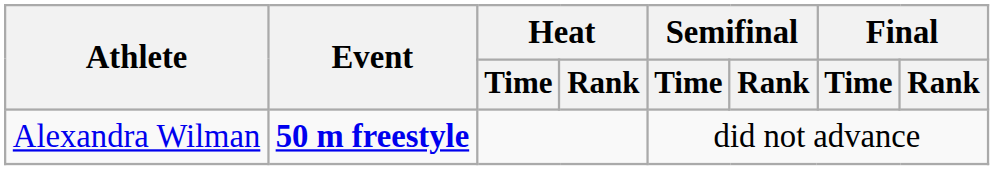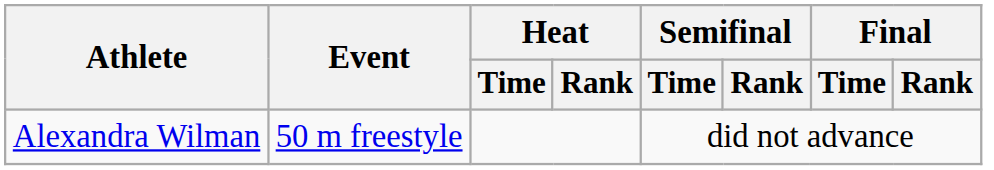 <table class=wikitable style="font-size:90%">
 <tr>
 <th rowspan="2">Athlete</th>
 <th rowspan="2">Event</th>
 <th colspan="2">Heat</th>
 <th colspan="2">Semifinal</th>
 <th colspan="2">Final</th>
 </tr>
 <tr style="font-size:95%">
 <th>Time</th>
 <th>Rank</th>
 <th>Time</th>
 <th>Rank</th>
 <th>Time</th>
 <th>Rank</th>
 </tr>
 <tr align=center>
 <td align=left><a href='#'>Alexandra Wilman</a></td>
-<td align=left><strong><a href='#'>50 m freestyle</a></strong></td>
+<td align=left><a href='#'>50 m freestyle</a></td>
 <td colspan=2></td>
 <td colspan=4>did not advance</td>
 </tr>
 </table>
